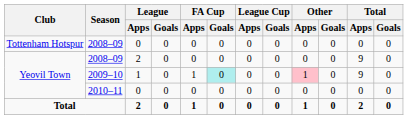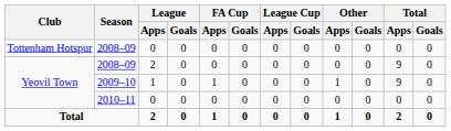 <table class="wikitable" style="text-align: center;">
 <tr>
 <th rowspan="2">Club</th>
 <th rowspan="2">Season</th>
 <th colspan="2">League</th>
 <th colspan="2">FA Cup</th>
 <th colspan="2">League Cup</th>
 <th colspan="2">Other</th>
 <th colspan="2">Total</th>
 </tr>
 <tr>
 <th>Apps</th>
 <th>Goals</th>
 <th>Apps</th>
 <th>Goals</th>
 <th>Apps</th>
 <th>Goals</th>
 <th>Apps</th>
 <th>Goals</th>
 <th>Apps</th>
 <th>Goals</th>
 </tr>
 <tr>
 <td rowspan="1" valign=center><a href='#'>Tottenham Hotspur</a></td>
 <td><a href='#'>2008–09</a></td>
 <td>0</td>
 <td>0</td>
 <td>0</td>
 <td>0</td>
 <td>0</td>
 <td>0</td>
 <td>0</td>
 <td>0</td>
 <td>0</td>
 <td>0</td>
 </tr>
 <tr>
 <td rowspan="3" valign=center><a href='#'>Yeovil Town</a></td>
 <td><a href='#'>2008–09</a></td>
 <td>2</td>
 <td>0</td>
 <td>0</td>
 <td>0</td>
 <td>0</td>
 <td>0</td>
 <td>0</td>
 <td>0</td>
 <td>9</td>
 <td>0</td>
 </tr>
 <tr>
 <td><a href='#'>2009–10</a></td>
 <td>1</td>
 <td>0</td>
 <td>1</td>
-<td style="background: paleturquoise;">0</td>
 <td>0</td>
 <td>0</td>
-<td style="background: pink;">1</td>
+<td>0</td>
+<td>1</td>
 <td>0</td>
 <td>9</td>
 <td>0</td>
 </tr>
 <tr>
 <td><a href='#'>2010–11</a></td>
 <td>0</td>
 <td>0</td>
 <td>0</td>
 <td>0</td>
 <td>0</td>
 <td>0</td>
 <td>0</td>
 <td>0</td>
 <td>0</td>
 <td>0</td>
 </tr>
 <tr>
 <td colspan="2" align=center><strong>Total</strong></td>
 <td><strong>2</strong></td>
 <td><strong>0</strong></td>
 <td><strong>1</strong></td>
 <td><strong>0</strong></td>
 <td><strong>0</strong></td>
 <td><strong>0</strong></td>
 <td><strong>1</strong></td>
 <td><strong>0</strong></td>
 <td><strong>2</strong></td>
 <td><strong>0</strong></td>
 </tr>
 </table>
